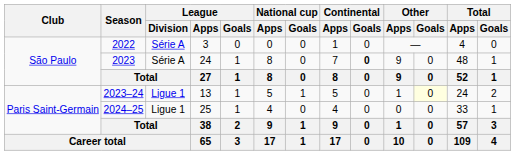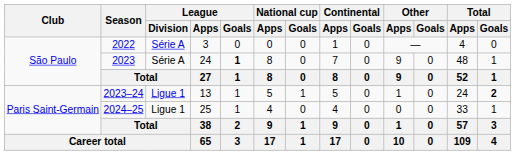 <table class="wikitable" style="text-align: center">
 <tr>
 <th rowspan="2">Club</th>
 <th rowspan="2">Season</th>
 <th colspan="3">League</th>
 <th colspan="2">National cup</th>
 <th colspan="2">Continental</th>
 <th colspan="2">Other</th>
 <th colspan="2">Total</th>
 </tr>
 <tr>
 <th>Division</th>
 <th>Apps</th>
 <th>Goals</th>
 <th>Apps</th>
 <th>Goals</th>
 <th>Apps</th>
 <th>Goals</th>
 <th>Apps</th>
 <th>Goals</th>
 <th>Apps</th>
 <th>Goals</th>
 </tr>
 <tr>
 <td rowspan="3"><a href='#'>São Paulo</a></td>
 <td><a href='#'>2022</a></td>
 <td><a href='#'>Série A</a></td>
 <td>3</td>
 <td>0</td>
 <td>0</td>
 <td>0</td>
 <td>1</td>
 <td>0</td>
 <td colspan="2">—</td>
 <td>4</td>
 <td>0</td>
 </tr>
 <tr>
 <td><a href='#'>2023</a></td>
 <td>Série A</td>
 <td>24</td>
-<td>1</td>
+<td><strong>1</strong></td>
 <td>8</td>
 <td>0</td>
 <td>7</td>
-<td><strong>0</strong></td>
+<td>0</td>
 <td>9</td>
 <td>0</td>
 <td>48</td>
 <td>1</td>
 </tr>
 <tr>
 <th colspan="2">Total</th>
 <th>27</th>
 <th>1</th>
 <th>8</th>
 <th>0</th>
 <th>8</th>
 <th>0</th>
 <th>9</th>
 <th>0</th>
 <th>52</th>
 <th>1</th>
 </tr>
 <tr>
 <td rowspan="3"><a href='#'>Paris Saint-Germain</a></td>
 <td><a href='#'>2023–24</a></td>
 <td><a href='#'>Ligue 1</a></td>
 <td>13</td>
 <td>1</td>
 <td>5</td>
 <td>1</td>
 <td>5</td>
 <td>0</td>
 <td>1</td>
-<td style="background: lightyellow;">0</td>
+<td>0</td>
 <td>24</td>
-<td>2</td>
+<td><strong>2</strong></td>
 </tr>
 <tr>
 <td><a href='#'>2024–25</a></td>
 <td>Ligue 1</td>
 <td>25</td>
 <td>1</td>
 <td>4</td>
 <td>0</td>
 <td>4</td>
 <td>0</td>
 <td>0</td>
 <td>0</td>
 <td>33</td>
 <td>1</td>
 </tr>
 <tr>
 <th colspan="2">Total</th>
 <th>38</th>
 <th>2</th>
 <th>9</th>
 <th>1</th>
 <th>9</th>
 <th>0</th>
 <th>1</th>
 <th>0</th>
 <th>57</th>
 <th>3</th>
 </tr>
 <tr>
 <th colspan="3">Career total</th>
 <th>65</th>
 <th>3</th>
 <th>17</th>
 <th>1</th>
 <th>17</th>
 <th>0</th>
 <th>10</th>
 <th>0</th>
 <th>109</th>
 <th>4</th>
 </tr>
 </table>
